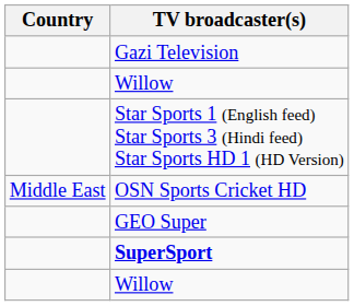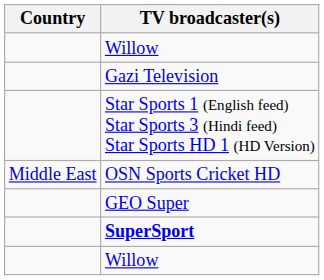 <table class="wikitable">
 <tr>
 <th>Country</th>
 <th>TV broadcaster(s)</th>
 </tr>
 <tr>
 <td></td>
-<td><a href='#'>Gazi Television</a></td>
+<td><a href='#'>Willow</a></td>
 </tr>
 <tr>
 <td></td>
-<td><a href='#'>Willow</a></td>
+<td><a href='#'>Gazi Television</a></td>
 </tr>
 <tr>
 <td></td>
 <td><a href='#'>Star Sports 1</a> <small>(English feed)</small><br><a href='#'>Star Sports 3</a> <small>(Hindi feed)</small><br><a href='#'>Star Sports HD 1</a> <small>(HD Version)</small></td>
 </tr>
 <tr>
 <td><a href='#'>Middle East</a></td>
 <td><a href='#'>OSN Sports Cricket HD</a></td>
 </tr>
 <tr>
 <td></td>
 <td><a href='#'>GEO Super</a></td>
 </tr>
 <tr>
 <td></td>
 <td><strong><a href='#'>SuperSport</a></strong></td>
 </tr>
 <tr>
 <td></td>
 <td><a href='#'>Willow</a></td>
 </tr>
 </table>
